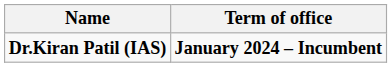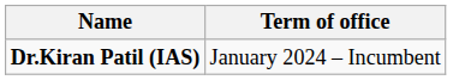 <table class="wikitable">
 <tr>
 <th>Name</th>
 <th>Term of office</th>
 </tr>
 <tr>
 <td><strong>Dr.Kiran Patil (IAS)</strong></td>
-<td><strong>January 2024 – Incumbent</strong></td>
+<td>January 2024 – Incumbent</td>
 </tr>
 </table>
